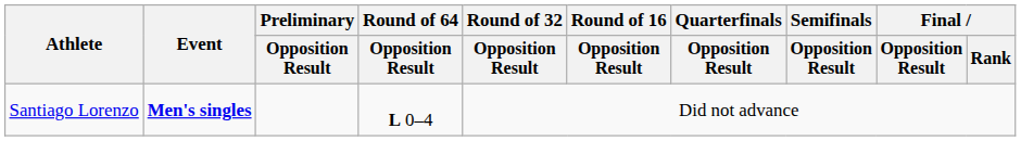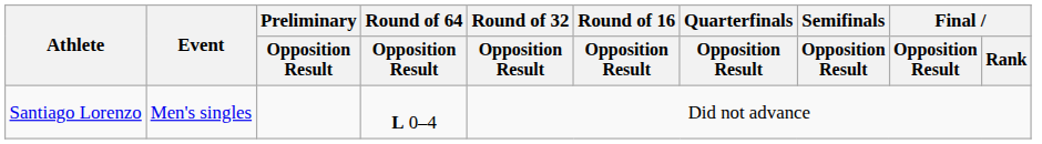 <table class=wikitable style=font-size:90%;text-align:center>
 <tr>
 <th rowspan=2>Athlete</th>
 <th rowspan=2>Event</th>
 <th>Preliminary</th>
 <th>Round of 64</th>
 <th>Round of 32</th>
 <th>Round of 16</th>
 <th>Quarterfinals</th>
 <th>Semifinals</th>
 <th colspan=2>Final / </th>
 </tr>
 <tr style=font-size:95%>
 <th>Opposition<br>Result</th>
 <th>Opposition<br>Result</th>
 <th>Opposition<br>Result</th>
 <th>Opposition<br>Result</th>
 <th>Opposition<br>Result</th>
 <th>Opposition<br>Result</th>
 <th>Opposition<br>Result</th>
 <th>Rank</th>
 </tr>
 <tr>
 <td align=left><a href='#'>Santiago Lorenzo</a></td>
-<td align=left><strong><a href='#'>Men's singles</a></strong></td>
+<td align=left><a href='#'>Men's singles</a></td>
 <td></td>
 <td><br><strong>L</strong> 0–4</td>
 <td Colspan=6>Did not advance</td>
 </tr>
 </table>
